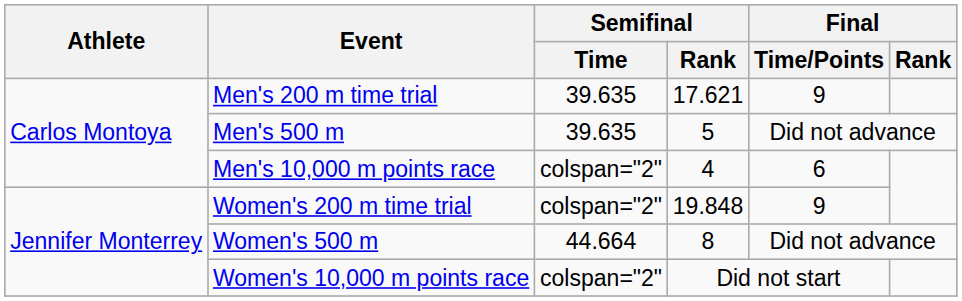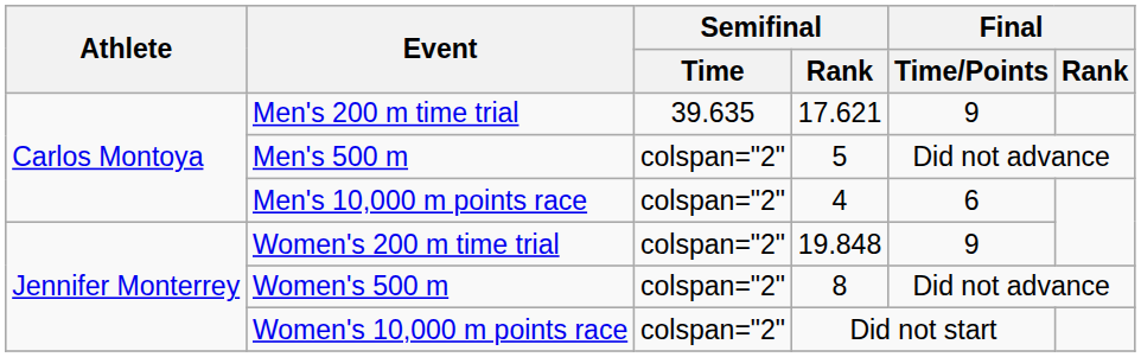 <table class="wikitable" border="1" style="font-size:90%">
 <tr>
 <th rowspan=2>Athlete</th>
 <th rowspan=2>Event</th>
 <th colspan=2>Semifinal</th>
 <th colspan=2>Final</th>
 </tr>
 <tr>
 <th>Time</th>
 <th>Rank</th>
 <th>Time/Points</th>
 <th>Rank</th>
 </tr>
 <tr align=center>
 <td rowspan="3" align=left><a href='#'>Carlos Montoya</a></td>
 <td align=left><a href='#'>Men's 200 m time trial</a></td>
 <td>39.635</td>
 <td>17.621</td>
 <td>9</td>
 </tr>
 <tr align=center>
 <td align=left><a href='#'>Men's 500 m</a></td>
-<td>39.635</td>
+<td>colspan="2" </td>
 <td>5</td>
 <td colspan="2">Did not advance</td>
 </tr>
 <tr align=center>
 <td align=left><a href='#'>Men's 10,000 m points race</a></td>
 <td>colspan="2" </td>
 <td>4</td>
 <td>6</td>
 </tr>
 <tr align=center>
 <td rowspan="3" align=left><a href='#'>Jennifer Monterrey</a></td>
 <td align=left><a href='#'>Women's 200 m time trial</a></td>
 <td>colspan="2" </td>
 <td>19.848</td>
 <td>9</td>
 </tr>
 <tr align=center>
 <td align=left><a href='#'>Women's 500 m</a></td>
-<td>44.664</td>
+<td>colspan="2" </td>
 <td>8</td>
 <td colspan="2">Did not advance</td>
 </tr>
 <tr align=center>
 <td align=left><a href='#'>Women's 10,000 m points race</a></td>
 <td>colspan="2" </td>
 <td colspan="2">Did not start</td>
 </tr>
 </table>
